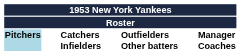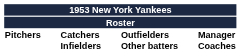 <table class="toccolours" style="font-size: 95%;">
 <tr>
 <th colspan="10" style="background-color: #1c2841; color: white; text-align: center;">1953 New York Yankees</th>
 </tr>
 <tr>
 <td colspan="10" style="background-color: #1c2841; color: white; text-align: center;"><strong>Roster</strong></td>
 </tr>
 <tr>
-<td valign="top" style="background: lightblue;"><strong>Pitchers</strong><br>             </td>
+<td valign="top"><strong>Pitchers</strong><br>             </td>
 <td width="25px"></td>
 <td valign="top"><strong>Catchers</strong><br>   <strong>Infielders</strong>             </td>
 <td width="25px"></td>
 <td valign="top"><strong>Outfielders</strong><br>     <strong>Other batters</strong>  </td>
 <td width="25px"></td>
 <td valign="top"><strong>Manager</strong><br> <strong>Coaches</strong>    </td>
 </tr>
 </table>
